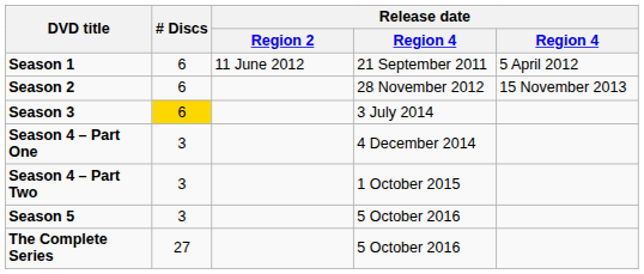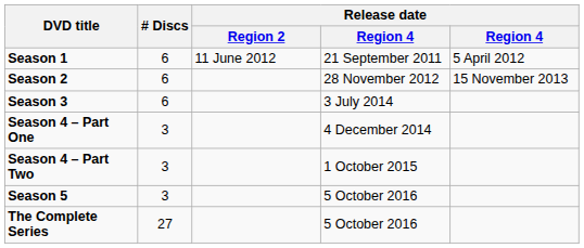 <table class="wikitable">
 <tr>
 <th width="150" rowspan="2">DVD title</th>
 <th rowspan="2"># Discs</th>
 <th colspan="3">Release date</th>
 </tr>
 <tr>
 <th width="145"><a href='#'>Region 2</a> </th>
 <th width="145"><a href='#'>Region 4</a> </th>
 <th width="145"><a href='#'>Region 4</a> </th>
 </tr>
 <tr>
 <td><strong>Season 1</strong></td>
 <td align="center">6</td>
 <td>11 June 2012</td>
 <td>21 September 2011</td>
 <td>5 April 2012</td>
 </tr>
 <tr>
 <td><strong>Season 2</strong></td>
 <td align="center">6</td>
 <td></td>
 <td>28 November 2012</td>
 <td>15 November 2013</td>
 </tr>
 <tr>
 <td><strong>Season 3</strong></td>
-<td align="center" style="background: gold;">6</td>
+<td align="center">6</td>
 <td></td>
 <td>3 July 2014</td>
 <td></td>
 </tr>
 <tr>
 <td><strong>Season 4 – Part One</strong></td>
 <td align="center">3</td>
 <td></td>
 <td>4 December 2014</td>
 <td></td>
 </tr>
 <tr>
 <td><strong>Season 4 – Part Two</strong></td>
 <td align="center">3</td>
 <td></td>
 <td>1 October 2015</td>
 <td></td>
 </tr>
 <tr>
 <td><strong>Season 5</strong></td>
 <td align="center">3</td>
 <td></td>
 <td>5 October 2016</td>
 <td></td>
 </tr>
 <tr>
 <td><strong>The Complete Series</strong></td>
 <td align="center">27</td>
 <td></td>
 <td>5 October 2016</td>
 <td></td>
 </tr>
 </table>
